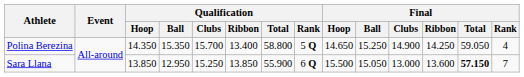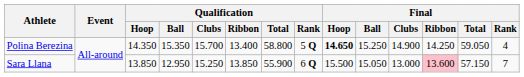 <table class=wikitable style="font-size:90%">
 <tr>
 <th rowspan="2">Athlete</th>
 <th rowspan="2">Event</th>
 <th colspan=6>Qualification</th>
 <th colspan=6>Final</th>
 </tr>
 <tr style="font-size:95%">
 <th>Hoop</th>
 <th>Ball</th>
 <th>Clubs</th>
 <th>Ribbon</th>
 <th>Total</th>
 <th>Rank</th>
 <th>Hoop</th>
 <th>Ball</th>
 <th>Clubs</th>
 <th>Ribbon</th>
 <th>Total</th>
 <th>Rank</th>
 </tr>
 <tr align=center>
 <td align=left><a href='#'>Polina Berezina</a></td>
 <td align=left rowspan=2><a href='#'>All-around</a></td>
 <td>14.350</td>
 <td>15.350</td>
 <td>15.700</td>
 <td>13.400</td>
 <td>58.800</td>
 <td>5 <strong>Q</strong></td>
-<td>14.650</td>
+<td><strong>14.650</strong></td>
 <td>15.250</td>
 <td>14.900</td>
 <td>14.250</td>
 <td>59.050</td>
 <td>4</td>
 </tr>
 <tr align=center>
 <td align=left><a href='#'>Sara Llana</a></td>
 <td>13.850</td>
 <td>12.950</td>
 <td>15.250</td>
 <td>13.850</td>
 <td>55.900</td>
 <td>6 <strong>Q</strong></td>
 <td>15.500</td>
 <td>15.050</td>
 <td>13.000</td>
-<td>13.600</td>
-<td><strong>57.150</strong></td>
+<td style="background: pink;">13.600</td>
+<td>57.150</td>
 <td>7</td>
 </tr>
 </table>
